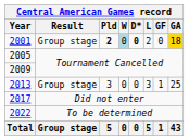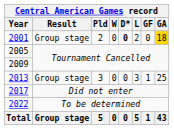 <table class="wikitable" style="text-align: center;">
 <tr>
 <th colspan=8><a href='#'>Central American Games</a> record</th>
 </tr>
 <tr>
 <th>Year</th>
 <th>Result</th>
 <th>Pld</th>
 <th>W</th>
 <th>D*</th>
 <th>L</th>
 <th>GF</th>
 <th>GA</th>
 </tr>
 <tr>
 <td> <a href='#'>2001</a></td>
 <td>Group stage</td>
-<td><strong>2</strong></td>
-<td style="background: lightblue;">0</td>
+<td>2</td>
+<td>0</td>
 <td><strong>0</strong></td>
 <td>2</td>
 <td>0</td>
 <td style="background: gold;">18</td>
 </tr>
 <tr>
 <td> 2005</td>
 <td colspan=7 rowspan=2><em>Tournament Cancelled</em></td>
 </tr>
 <tr>
 <td> 2009</td>
 </tr>
 <tr>
 <td> <a href='#'>2013</a></td>
 <td>Group stage</td>
 <td>3</td>
 <td>0</td>
 <td>0</td>
 <td>3</td>
 <td>1</td>
 <td>25</td>
 </tr>
 <tr>
 <td> <a href='#'>2017</a></td>
 <td colspan=7><em>Did not enter</em></td>
 </tr>
 <tr>
 <td> <a href='#'>2022</a></td>
 <td colspan=8><em>To be determined</em></td>
 </tr>
 <tr>
 <th>Total</th>
 <th>Group stage</th>
 <th>5</th>
 <th>0</th>
 <th>0</th>
 <th>5</th>
 <th>1</th>
 <th>43</th>
 </tr>
 </table>
